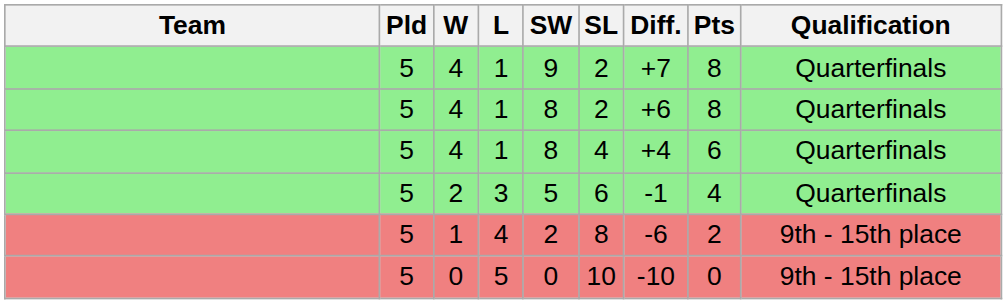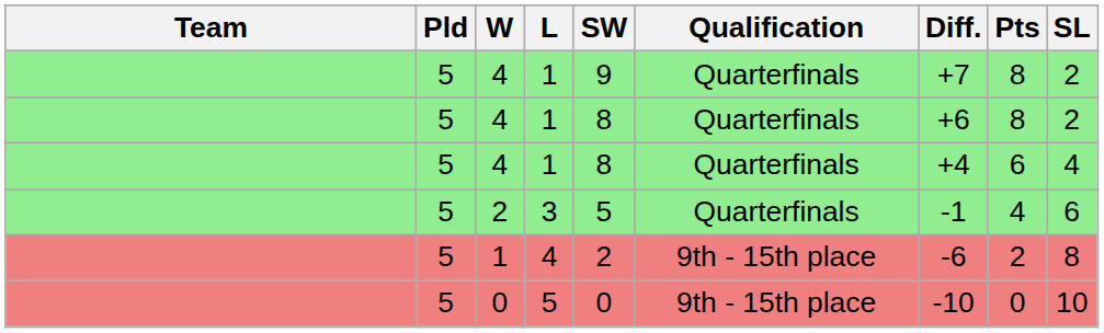 <table class=wikitable style="text-align:center">
 <tr>
 <th width=220>Team</th>
 <th width=20>Pld</th>
 <th width=20>W</th>
 <th width=20>L</th>
 <th width=20>SW</th>
-<th width=20>SL</th>
+<th width=150>Qualification</th>
 <th width=20>Diff.</th>
 <th width=20>Pts</th>
-<th width=150>Qualification</th>
+<th width=20>SL</th>
 </tr>
 <tr bgcolor=90EE90>
 <td align=left></td>
 <td>5</td>
 <td>4</td>
 <td>1</td>
 <td>9</td>
-<td>2</td>
+<td>Quarterfinals</td>
 <td>+7</td>
 <td>8</td>
-<td>Quarterfinals</td>
+<td>2</td>
 </tr>
 <tr bgcolor=90EE90>
 <td align=left></td>
 <td>5</td>
 <td>4</td>
 <td>1</td>
 <td>8</td>
-<td>2</td>
+<td>Quarterfinals</td>
 <td>+6</td>
 <td>8</td>
-<td>Quarterfinals</td>
+<td>2</td>
 </tr>
 <tr bgcolor=90EE90>
 <td align=left></td>
 <td>5</td>
 <td>4</td>
 <td>1</td>
 <td>8</td>
-<td>4</td>
+<td>Quarterfinals</td>
 <td>+4</td>
 <td>6</td>
-<td>Quarterfinals</td>
+<td>4</td>
 </tr>
 <tr bgcolor=90EE90>
 <td align=left></td>
 <td>5</td>
 <td>2</td>
 <td>3</td>
 <td>5</td>
-<td>6</td>
+<td>Quarterfinals</td>
 <td>-1</td>
 <td>4</td>
-<td>Quarterfinals</td>
+<td>6</td>
 </tr>
 <tr bgcolor=F08080>
 <td align=left></td>
 <td>5</td>
 <td>1</td>
 <td>4</td>
 <td>2</td>
-<td>8</td>
+<td>9th - 15th place</td>
 <td>-6</td>
 <td>2</td>
-<td>9th - 15th place</td>
+<td>8</td>
 </tr>
 <tr bgcolor=F08080>
 <td align=left></td>
 <td>5</td>
 <td>0</td>
 <td>5</td>
 <td>0</td>
-<td>10</td>
+<td>9th - 15th place</td>
 <td>-10</td>
 <td>0</td>
-<td>9th - 15th place</td>
+<td>10</td>
 </tr>
 </table>
